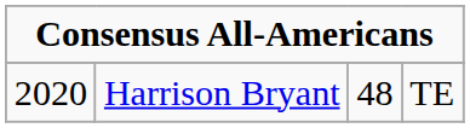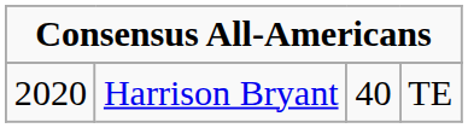 <table cellpadding="1"  style="text-align:center" class="wikitable">
 <tr>
 <td colspan="4"><strong>Consensus All-Americans</strong></td>
 </tr>
 <tr>
 </tr>
 <tr>
 <td>2020</td>
 <td><a href='#'>Harrison Bryant</a></td>
-<td>48</td>
+<td>40</td>
 <td>TE</td>
 </tr>
 </table>
